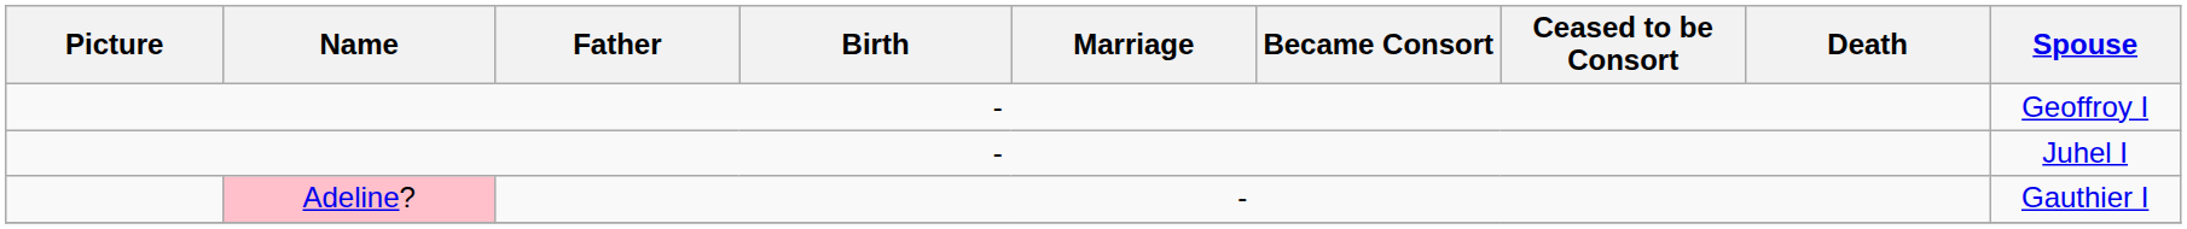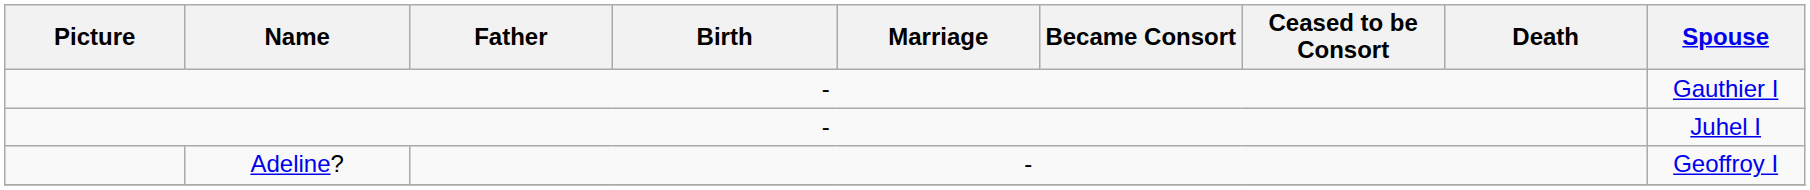 <table width=95% class="wikitable">
 <tr>
 <th width = "8%">Picture</th>
 <th width = "10%">Name</th>
 <th width = "9%">Father</th>
 <th width = "10%">Birth</th>
 <th width = "9%">Marriage</th>
 <th width = "9%">Became Consort</th>
 <th width = "9%">Ceased to be Consort</th>
 <th width = "9%">Death</th>
 <th width = "7%"><a href='#'>Spouse</a></th>
 </tr>
 <tr>
 <td align="center" colspan="8">-</td>
-<td align="center"><a href='#'>Geoffroy I</a></td>
+<td align="center"><a href='#'>Gauthier I</a></td>
 </tr>
 <tr>
 <td align="center" colspan="8">-</td>
 <td align="center"><a href='#'>Juhel I</a></td>
 </tr>
 <tr>
 <td align="center"></td>
-<td align="center" style="background: pink;"><a href='#'>Adeline</a>?</td>
+<td align="center"><a href='#'>Adeline</a>?</td>
 <td align="center" colspan="6">-</td>
-<td align="center"><a href='#'>Gauthier I</a></td>
+<td align="center"><a href='#'>Geoffroy I</a></td>
 </tr>
 <tr>
 </tr>
 </table>
